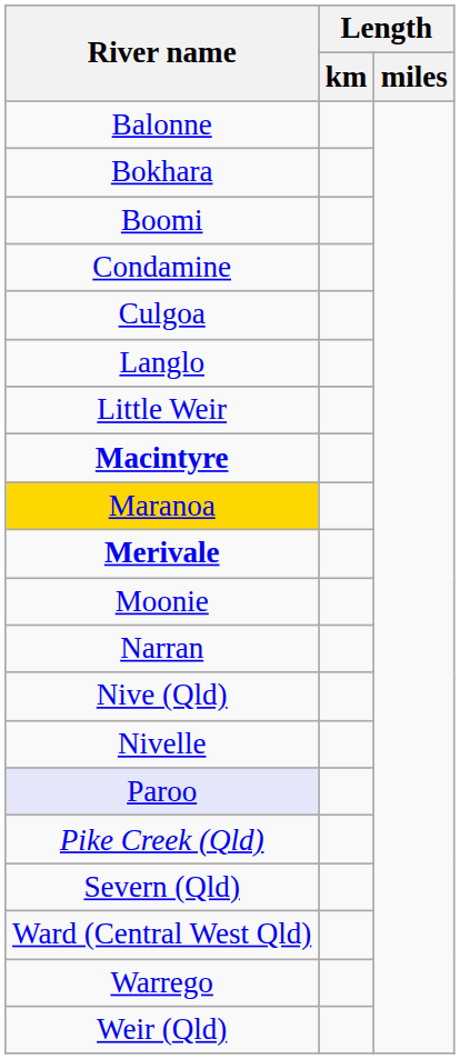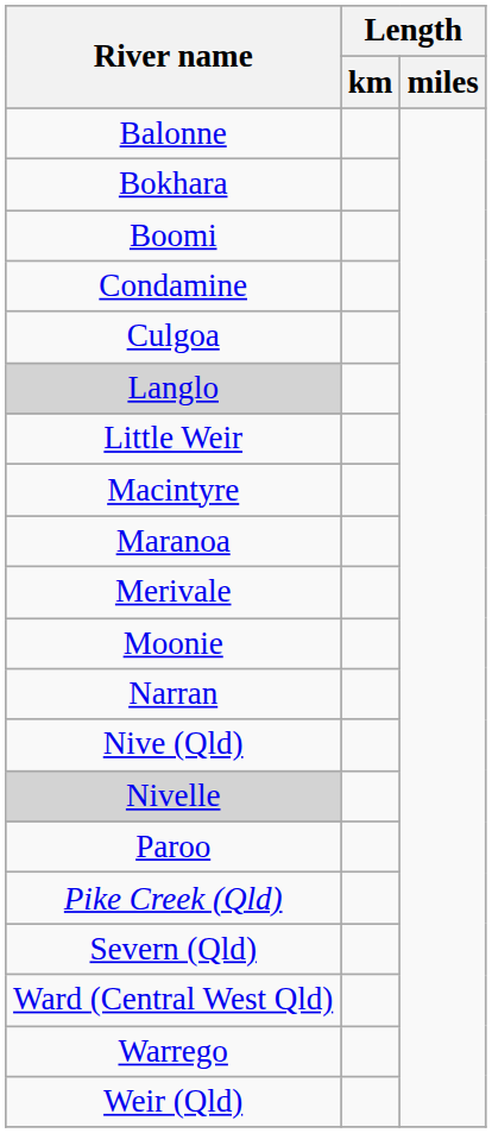 <table class="wikitable sortable" style="text-align:center;">
 <tr>
 <th scope="col" rowspan="2">River name</th>
 <th scope="col" colspan="2">Length</th>
 </tr>
 <tr>
 <th scope="col">km</th>
 <th scope="col">miles</th>
 </tr>
 <tr>
 <td><a href='#'>Balonne</a></td>
 <td></td>
 </tr>
 <tr>
 <td><a href='#'>Bokhara</a></td>
 <td></td>
 </tr>
 <tr>
 <td><a href='#'>Boomi</a></td>
 <td></td>
 </tr>
 <tr>
 <td><a href='#'>Condamine</a></td>
 <td></td>
 </tr>
 <tr>
 <td><a href='#'>Culgoa</a></td>
 <td></td>
 </tr>
 <tr>
-<td><a href='#'>Langlo</a></td>
+<td style="background: lightgrey;"><a href='#'>Langlo</a></td>
 <td></td>
 </tr>
 <tr>
 <td><a href='#'>Little Weir</a></td>
 <td></td>
 </tr>
 <tr>
-<td><strong><a href='#'>Macintyre</a></strong></td>
+<td><a href='#'>Macintyre</a></td>
 <td></td>
 </tr>
 <tr>
-<td style="background: gold;"><a href='#'>Maranoa</a></td>
+<td><a href='#'>Maranoa</a></td>
 <td></td>
 </tr>
 <tr>
-<td><strong><a href='#'>Merivale</a></strong></td>
+<td><a href='#'>Merivale</a></td>
 <td></td>
 </tr>
 <tr>
 <td><a href='#'>Moonie</a></td>
 <td></td>
 </tr>
 <tr>
 <td><a href='#'>Narran</a></td>
 <td></td>
 </tr>
 <tr>
 <td><a href='#'>Nive (Qld)</a></td>
 <td></td>
 </tr>
 <tr>
-<td><a href='#'>Nivelle</a></td>
+<td style="background: lightgrey;"><a href='#'>Nivelle</a></td>
 <td></td>
 </tr>
 <tr>
-<td style="background: lavender;"><a href='#'>Paroo</a></td>
+<td><a href='#'>Paroo</a></td>
 <td></td>
 </tr>
 <tr>
 <td><em><a href='#'>Pike Creek (Qld)</a></em></td>
 <td></td>
 </tr>
 <tr>
 <td><a href='#'>Severn (Qld)</a></td>
 <td></td>
 </tr>
 <tr>
 <td><a href='#'>Ward (Central West Qld)</a></td>
 <td></td>
 </tr>
 <tr>
 <td><a href='#'>Warrego</a></td>
 <td></td>
 </tr>
 <tr>
 <td><a href='#'>Weir (Qld)</a></td>
 <td></td>
 </tr>
 </table>
